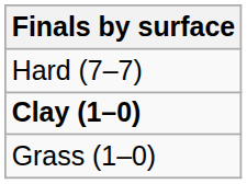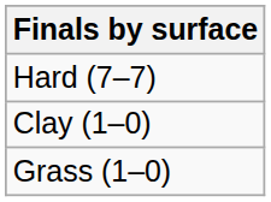 <table class=wikitable style=font-size:90%>
 <tr>
 <th>Finals by surface</th>
 </tr>
 <tr>
 <td>Hard (7–7)</td>
 </tr>
 <tr>
-<td><strong>Clay (1–0)</strong></td>
+<td>Clay (1–0)</td>
 </tr>
 <tr>
 <td>Grass (1–0)</td>
 </tr>
 </table>
